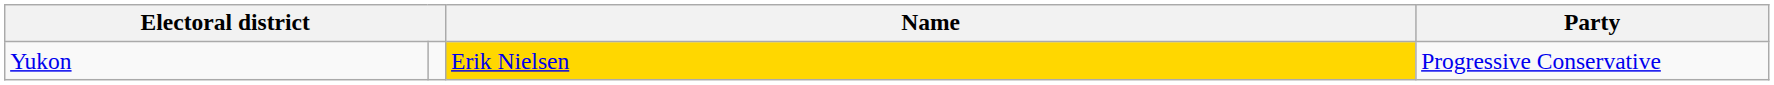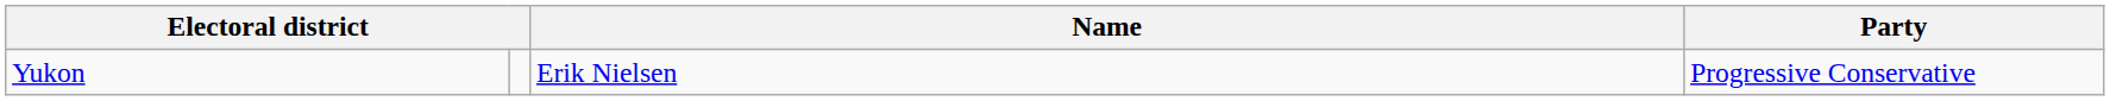 <table class="wikitable" width=95%>
 <tr>
 <th colspan=2 width=25%>Electoral district</th>
 <th>Name</th>
 <th width=20%>Party</th>
 </tr>
 <tr>
 <td width=24%><a href='#'>Yukon</a></td>
 <td></td>
-<td style="background: gold;"><a href='#'>Erik Nielsen</a></td>
+<td><a href='#'>Erik Nielsen</a></td>
 <td><a href='#'>Progressive Conservative</a></td>
 </tr>
 </table>
